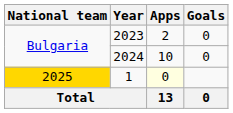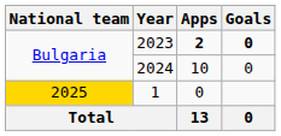 <table class="wikitable" style="text-align:center">
 <tr>
 <th>National team</th>
 <th>Year</th>
 <th>Apps</th>
 <th>Goals</th>
 </tr>
 <tr>
 <td rowspan="2"><a href='#'>Bulgaria</a></td>
 <td>2023</td>
-<td>2</td>
-<td>0</td>
+<td><strong>2</strong></td>
+<td><strong>0</strong></td>
 </tr>
 <tr>
 <td>2024</td>
 <td>10</td>
 <td>0</td>
 </tr>
 <tr>
 <td style="background: gold;">2025</td>
 <td>1</td>
-<td style="background: lightyellow;">0</td>
+<td>0</td>
 </tr>
 <tr>
 <th colspan="2">Total</th>
 <th>13</th>
 <th>0</th>
 </tr>
 </table>
